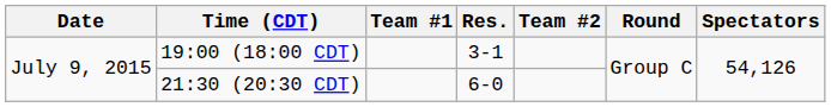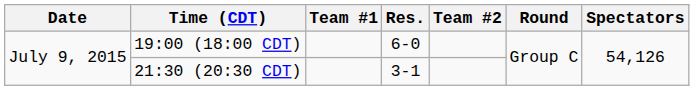 <table class="wikitable">
 <tr>
 <th>Date</th>
 <th>Time (<a href='#'>CDT</a>)</th>
 <th>Team #1</th>
 <th>Res.</th>
 <th>Team #2</th>
 <th>Round</th>
 <th>Spectators</th>
 </tr>
 <tr>
 <td rowspan=2>July 9, 2015</td>
 <td>19:00 (18:00 <a href='#'>CDT</a>)</td>
 <td></td>
-<td style="text-align:center;">3-1</td>
+<td style="text-align:center;">6-0</td>
 <td></td>
 <td rowspan=2>Group C</td>
 <td style="text-align:center;" rowspan=2>54,126</td>
 </tr>
 <tr>
 <td>21:30 (20:30 <a href='#'>CDT</a>)</td>
 <td></td>
-<td style="text-align:center;">6-0</td>
+<td style="text-align:center;">3-1</td>
 <td></td>
 </tr>
 </table>
